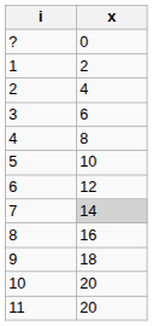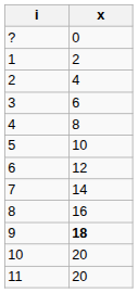 <table class="wikitable" width="150">
 <tr>
 <th>i</th>
 <th>x</th>
 </tr>
 <tr>
 <td>?</td>
 <td>0</td>
 </tr>
 <tr>
 <td>1</td>
 <td>2</td>
 </tr>
 <tr>
 <td>2</td>
 <td>4</td>
 </tr>
 <tr>
 <td>3</td>
 <td>6</td>
 </tr>
 <tr>
 <td>4</td>
 <td>8</td>
 </tr>
 <tr>
 <td>5</td>
 <td>10</td>
 </tr>
 <tr>
 <td>6</td>
 <td>12</td>
 </tr>
 <tr>
 <td>7</td>
-<td style="background: lightgrey;">14</td>
+<td>14</td>
 </tr>
 <tr>
 <td>8</td>
 <td>16</td>
 </tr>
 <tr>
 <td>9</td>
-<td>18</td>
+<td><strong>18</strong></td>
 </tr>
 <tr>
 <td>10</td>
 <td>20</td>
 </tr>
 <tr>
 <td>11</td>
 <td>20</td>
 </tr>
 </table>
